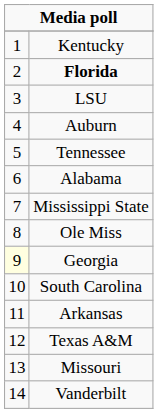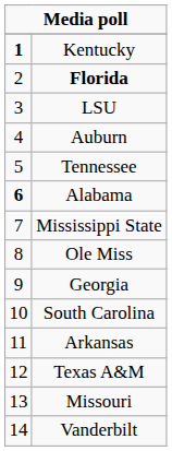 <table class="wikitable">
 <tr align="center">
 <td align="center" Colspan="3"><strong>Media poll</strong></td>
 </tr>
 <tr align="center">
 </tr>
 <tr align="center">
-<td>1</td>
+<td><strong>1</strong></td>
 <td>Kentucky</td>
 </tr>
 <tr align="center">
 <td>2</td>
 <td><strong>Florida</strong></td>
 </tr>
 <tr align="center">
 <td>3</td>
 <td>LSU</td>
 </tr>
 <tr align="center">
 <td>4</td>
 <td>Auburn</td>
 </tr>
 <tr align="center">
 <td>5</td>
 <td>Tennessee</td>
 </tr>
 <tr align="center">
-<td>6</td>
+<td><strong>6</strong></td>
 <td>Alabama</td>
 </tr>
 <tr align="center">
 <td>7</td>
 <td>Mississippi State</td>
 </tr>
 <tr align="center">
 <td>8</td>
 <td>Ole Miss</td>
 </tr>
 <tr align="center">
-<td style="background: lightyellow;">9</td>
+<td>9</td>
 <td>Georgia</td>
 </tr>
 <tr align="center">
 <td>10</td>
 <td>South Carolina</td>
 </tr>
 <tr align="center">
 <td>11</td>
 <td>Arkansas</td>
 </tr>
 <tr align="center">
 <td>12</td>
 <td>Texas A&M</td>
 </tr>
 <tr align="center">
 <td>13</td>
 <td>Missouri</td>
 </tr>
 <tr align="center">
 <td>14</td>
 <td>Vanderbilt</td>
 </tr>
 </table>
